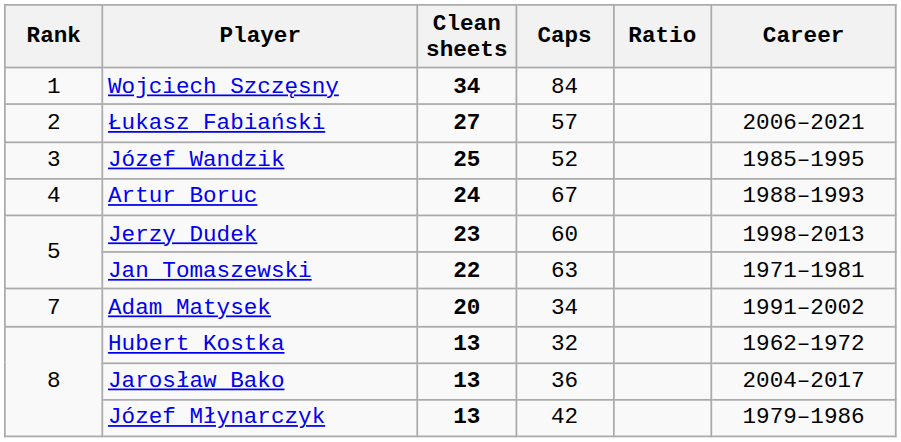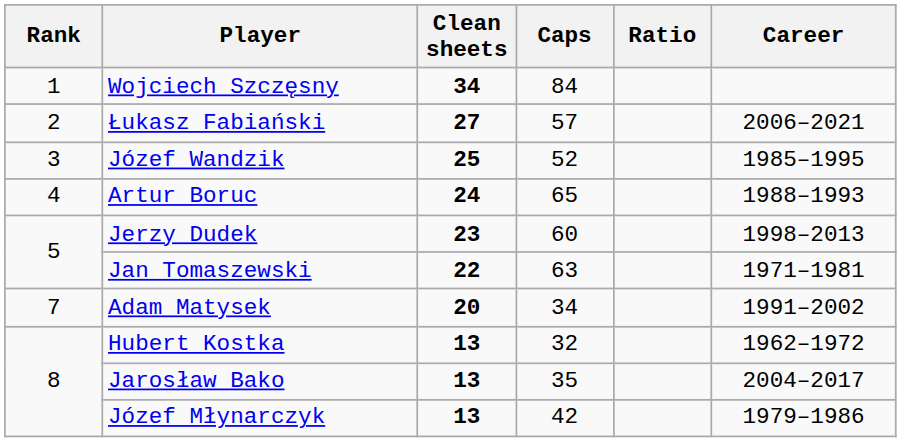 <table class="wikitable sortable" style="text-align: center">
 <tr>
 <th style="width:50px">Rank</th>
 <th style="width:175px">Player</th>
 <th style="width:50px">Clean sheets</th>
 <th style="width:50px">Caps</th>
 <th style="width:50px">Ratio</th>
 <th style="width:100px">Career</th>
 </tr>
 <tr>
 <td>1</td>
 <td align="left"><a href='#'>Wojciech Szczęsny</a></td>
 <td><strong>34</strong></td>
 <td>84</td>
 <td></td>
 <td></td>
 </tr>
 <tr>
 <td>2</td>
 <td align="left"><a href='#'>Łukasz Fabiański</a></td>
 <td><strong>27</strong></td>
 <td>57</td>
 <td></td>
 <td>2006–2021</td>
 </tr>
 <tr>
 <td>3</td>
 <td align="left"><a href='#'>Józef Wandzik</a></td>
 <td><strong>25</strong></td>
 <td>52</td>
 <td></td>
 <td>1985–1995</td>
 </tr>
 <tr>
 <td>4</td>
 <td align="left"><a href='#'>Artur Boruc</a></td>
 <td><strong>24</strong></td>
-<td>67</td>
+<td>65</td>
 <td></td>
 <td>1988–1993</td>
 </tr>
 <tr>
 <td rowspan=2>5</td>
 <td align="left"><a href='#'>Jerzy Dudek</a></td>
 <td><strong>23</strong></td>
 <td>60</td>
 <td></td>
 <td>1998–2013</td>
 </tr>
 <tr>
 <td align="left"><a href='#'>Jan Tomaszewski</a></td>
 <td><strong>22</strong></td>
 <td>63</td>
 <td></td>
 <td>1971–1981</td>
 </tr>
 <tr>
 <td>7</td>
 <td align="left"><a href='#'>Adam Matysek</a></td>
 <td><strong>20</strong></td>
 <td>34</td>
 <td></td>
 <td>1991–2002</td>
 </tr>
 <tr>
 <td rowspan=3>8</td>
 <td align="left"><a href='#'>Hubert Kostka</a></td>
 <td><strong>13</strong></td>
 <td>32</td>
 <td></td>
 <td>1962–1972</td>
 </tr>
 <tr>
 <td align="left"><a href='#'>Jarosław Bako</a></td>
 <td><strong>13</strong></td>
-<td>36</td>
+<td>35</td>
 <td></td>
 <td>2004–2017</td>
 </tr>
 <tr>
 <td align="left"><a href='#'>Józef Młynarczyk</a></td>
 <td><strong>13</strong></td>
 <td>42</td>
 <td></td>
 <td>1979–1986</td>
 </tr>
 </table>
